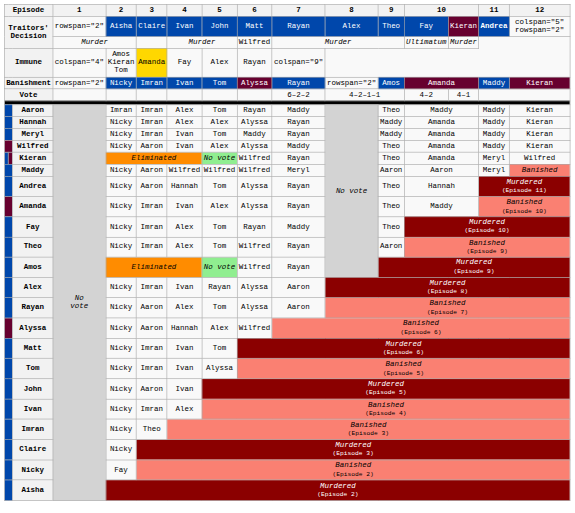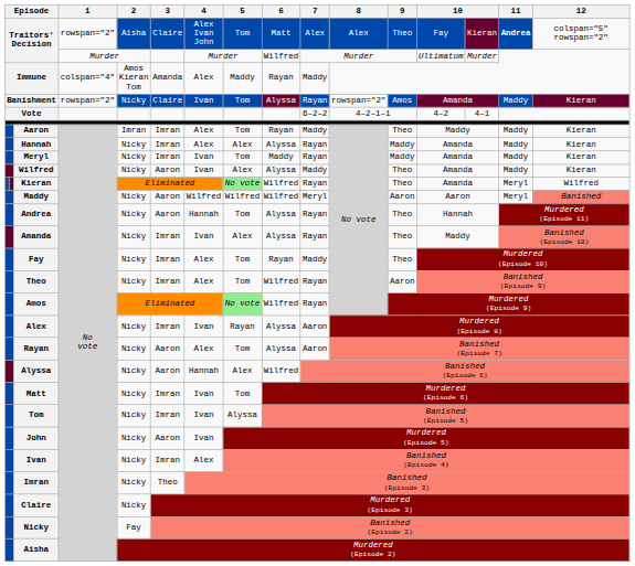 <table class="wikitable" style="text-align:center; width:70%; font-size:90%; line-height:13px">
 <tr>
 <th colspan="3">Episode</th>
 <th>1</th>
 <th>2</th>
 <th>3</th>
 <th>4</th>
 <th>5</th>
 <th>6</th>
 <th>7</th>
 <th>8</th>
 <th>9</th>
 <th colspan="2">10</th>
 <th>11</th>
 <th colspan="5">12</th>
 </tr>
 <tr>
 <th colspan="3" rowspan="2">Traitors'<br>Decision</th>
 <td>rowspan="2" </td>
 <td bgcolor="#0047AB" span style="color:#FFFFFF">Aisha</td>
 <td bgcolor="#0047AB" span style="color:#FFFFFF">Claire</td>
-<td bgcolor="#0047AB" span style="color:#FFFFFF">Ivan</td>
-<td bgcolor="#0047AB" span style="color:#FFFFFF">John</td>
+<td bgcolor="#0047AB" span style="color:#FFFFFF">Alex<br>Ivan<br>John</td>
+<td bgcolor="#0047AB" span style="color:#FFFFFF">Tom</td>
 <td bgcolor="#0047AB" span style="color:#FFFFFF">Matt</td>
-<td bgcolor="#0047AB" span style="color:#FFFFFF">Rayan</td>
+<td bgcolor="#0047AB" span style="color:#FFFFFF">Alex</td>
 <td bgcolor="#0047AB" span style="color:#FFFFFF">Alex</td>
 <td bgcolor="#0047AB" span style="color:#FFFFFF">Theo</td>
 <td bgcolor="#0047AB" span style="color:#FFFFFF">Fay</td>
 <td bgcolor="#67002F" span style="color:#FFFFFF">Kieran</td>
 <td bgcolor="#0047AB" span style="color:#FFFFFF"><strong>Andrea</strong></td>
 <td>colspan="5" rowspan="2" </td>
 </tr>
 <tr>
 <td colspan="2"><em>Murder</em></td>
 <td></td>
 <td colspan="2"><em>Murder</em></td>
 <td>Wilfred</td>
 <td colspan="3"><em>Murder</em></td>
 <td><em>Ultimatum</em></td>
 <td><em>Murder</em></td>
 </tr>
 <tr>
 <th colspan="3">Immune</th>
 <td>colspan="4" </td>
 <td>Amos<br>Kieran<br>Tom</td>
-<td style="background: gold;">Amanda</td>
-<td>Fay</td>
+<td>Amanda</td>
 <td>Alex</td>
+<td>Maddy</td>
 <td>Rayan</td>
-<td>colspan="9" </td>
+<td>Maddy</td>
 </tr>
 <tr>
 <th colspan="3">Banishment</th>
 <td>rowspan="2" </td>
 <td bgcolor="#0047AB" span style="color:#FFFFFF">Nicky</td>
-<td bgcolor="#0047AB" span style="color:#FFFFFF">Imran</td>
+<td bgcolor="#0047AB" span style="color:#FFFFFF">Claire</td>
 <td bgcolor="#0047AB" span style="color:#FFFFFF">Ivan</td>
 <td bgcolor="#0047AB" span style="color:#FFFFFF">Tom</td>
 <td bgcolor="#67002F" span style="color:#FFFFFF">Alyssa</td>
 <td bgcolor="#0047AB" span style="color:#FFFFFF">Rayan</td>
 <td>rowspan="2" </td>
 <td bgcolor="#0047AB" span style="color:#FFFFFF">Amos</td>
 <td colspan="2" bgcolor="#67002F" span style="color:#FFFFFF">Amanda</td>
 <td bgcolor="#0047AB" span style="color:#FFFFFF">Maddy</td>
 <td bgcolor="#67002F" span style="color:#FFFFFF">Kieran</td>
 </tr>
 <tr>
 <th colspan="3">Vote</th>
 <td></td>
 <td></td>
 <td></td>
 <td></td>
 <td></td>
 <td></td>
 <td>6–2–2</td>
 <td colspan="2">4–2–1–1</td>
 <td>4–2</td>
 <td>4–1</td>
 </tr>
 <tr>
 <td colspan="20" bgcolor="#000000"></td>
 </tr>
 <tr>
 <td colspan="2" bgcolor="#0047AB"></td>
 <th>Aaron</th>
 <td rowspan="22" bgcolor="lightgrey"><em>No<br>vote</em></td>
 <td>Imran</td>
 <td>Imran</td>
 <td>Alex</td>
 <td>Tom</td>
 <td>Rayan</td>
 <td>Maddy</td>
 <td rowspan="11" bgcolor="lightgrey"><em>No vote</em></td>
 <td>Theo</td>
 <td colspan="2">Maddy</td>
 <td>Maddy</td>
 <td>Kieran</td>
 </tr>
 <tr>
 <td colspan="2" bgcolor="#0047AB"></td>
 <th>Hannah</th>
 <td>Nicky</td>
 <td>Imran</td>
 <td>Alex</td>
 <td>Alex</td>
 <td>Alyssa</td>
 <td>Rayan</td>
 <td>Maddy</td>
 <td colspan="2">Amanda</td>
 <td>Maddy</td>
 <td>Kieran</td>
 </tr>
 <tr>
 <td colspan="2" bgcolor="#0047AB"></td>
 <th>Meryl</th>
 <td>Nicky</td>
 <td>Imran</td>
 <td>Ivan</td>
 <td>Tom</td>
 <td>Maddy</td>
 <td>Rayan</td>
 <td>Maddy</td>
 <td colspan="2">Amanda</td>
 <td>Maddy</td>
 <td>Kieran</td>
 </tr>
 <tr>
 <td colspan="2" bgcolor="#67002F"></td>
 <th>Wilfred</th>
 <td>Nicky</td>
 <td>Aaron</td>
 <td>Ivan</td>
 <td>Alex</td>
 <td>Alyssa</td>
 <td>Maddy</td>
 <td>Theo</td>
 <td colspan="2">Amanda</td>
 <td>Maddy</td>
 <td>Kieran</td>
 </tr>
 <tr>
 <td bgcolor="#0047AB"></td>
 <td bgcolor="#67002F"></td>
 <th>Kieran</th>
 <td colspan="3" bgcolor="#FF8C00"><em>Eliminated</em></td>
 <td bgcolor="lightgreen"><em>No vote</em></td>
 <td>Wilfred</td>
 <td>Rayan</td>
 <td>Theo</td>
 <td colspan="2">Amanda</td>
 <td>Meryl</td>
 <td>Wilfred</td>
 </tr>
 <tr>
 <td colspan="2" bgcolor="#0047AB"></td>
 <th>Maddy</th>
 <td>Nicky</td>
 <td>Aaron</td>
 <td>Wilfred</td>
 <td>Wilfred</td>
 <td>Wilfred</td>
 <td>Meryl</td>
 <td>Aaron</td>
 <td colspan="2">Aaron</td>
 <td>Meryl</td>
 <td colspan="5" style="background:salmon"><em>Banished</em> <br><small></small></td>
 </tr>
 <tr>
 <td colspan="2" bgcolor="#0047AB"></td>
 <th>Andrea</th>
 <td>Nicky</td>
 <td>Aaron</td>
 <td>Hannah</td>
 <td>Tom</td>
 <td>Alyssa</td>
 <td>Rayan</td>
 <td>Theo</td>
 <td colspan="2">Hannah</td>
 <td colspan="6" style="background:darkred; color:white"><em>Murdered</em> <br><small>(Episode 11)</small></td>
 </tr>
 <tr>
 <td colspan="2" bgcolor="#67002F"></td>
 <th>Amanda</th>
 <td>Nicky</td>
 <td>Imran</td>
 <td>Ivan</td>
 <td>Alex</td>
 <td>Alyssa</td>
 <td>Rayan</td>
 <td>Theo</td>
 <td colspan="2">Maddy</td>
 <td colspan="6" style="background:salmon"><em>Banished</em> <br><small>(Episode 10)</small></td>
 </tr>
 <tr>
 <td colspan="2" bgcolor="#0047AB"></td>
 <th>Fay</th>
 <td>Nicky</td>
 <td>Imran</td>
 <td>Alex</td>
 <td>Tom</td>
 <td>Rayan</td>
 <td>Maddy</td>
 <td>Theo</td>
 <td colspan="8" style="background:darkred; color:white"><em>Murdered</em> <br><small>(Episode 10)</small></td>
 </tr>
 <tr>
 <td colspan="2" bgcolor="#0047AB"></td>
 <th>Theo</th>
 <td>Nicky</td>
 <td>Imran</td>
 <td>Alex</td>
 <td>Tom</td>
 <td>Wilfred</td>
 <td>Rayan</td>
 <td>Aaron</td>
 <td colspan="8" style="background:salmon"><em>Banished</em> <br><small>(Episode 9)</small></td>
 </tr>
 <tr>
 <td colspan="2" bgcolor="#0047AB"></td>
 <th>Amos</th>
 <td colspan="3" bgcolor="#FF8C00"><em>Eliminated</em></td>
 <td bgcolor="lightgreen"><em>No vote</em></td>
 <td>Wilfred</td>
 <td>Rayan</td>
 <td colspan="9" style="background:darkred; color:white"><em>Murdered</em> <br><small>(Episode 9)</small></td>
 </tr>
 <tr>
 <td colspan="2" bgcolor="#0047AB"></td>
 <th>Alex</th>
 <td>Nicky</td>
 <td>Imran</td>
 <td>Ivan</td>
 <td>Rayan</td>
 <td>Alyssa</td>
 <td>Aaron</td>
 <td colspan="10" style="background:darkred; color:white"><em>Murdered</em> <br><small>(Episode 8)</small></td>
 </tr>
 <tr>
 <td colspan="2" bgcolor="#0047AB"></td>
 <th>Rayan</th>
 <td>Nicky</td>
 <td>Aaron</td>
 <td>Alex</td>
 <td>Tom</td>
 <td>Alyssa</td>
 <td>Aaron</td>
 <td colspan="10" style="background:salmon"><em>Banished</em> <br><small>(Episode 7)</small></td>
 </tr>
 <tr>
 <td colspan="2" bgcolor="#67002F"></td>
 <th>Alyssa</th>
 <td>Nicky</td>
 <td>Aaron</td>
 <td>Hannah</td>
 <td>Alex</td>
 <td>Wilfred</td>
 <td colspan="11" style="background:salmon"><em>Banished</em> <br><small>(Episode 6)</small></td>
 </tr>
 <tr>
 <td colspan="2" bgcolor="#0047AB"></td>
 <th>Matt</th>
 <td>Nicky</td>
 <td>Imran</td>
 <td>Ivan</td>
 <td>Tom</td>
 <td colspan="12" style="background:darkred; color:white"><em>Murdered</em> <br><small>(Episode 6)</small></td>
 </tr>
 <tr>
 <td colspan="2" bgcolor="#0047AB"></td>
 <th>Tom</th>
 <td>Nicky</td>
 <td>Imran</td>
 <td>Ivan</td>
 <td>Alyssa</td>
 <td colspan="12" style="background:salmon"><em>Banished</em> <br><small>(Episode 5)</small></td>
 </tr>
 <tr>
 <td colspan="2" bgcolor="#0047AB"></td>
 <th>John</th>
 <td>Nicky</td>
 <td>Aaron</td>
 <td>Ivan</td>
 <td colspan="13" style="background:darkred; color:white"><em>Murdered</em> <br><small>(Episode 5)</small></td>
 </tr>
 <tr>
 <td colspan="2" bgcolor="#0047AB"></td>
 <th>Ivan</th>
 <td>Nicky</td>
 <td>Imran</td>
 <td>Alex</td>
 <td colspan="13" style="background:salmon"><em>Banished</em> <br><small>(Episode 4)</small></td>
 </tr>
 <tr>
 <td colspan="2" bgcolor="#0047AB"></td>
 <th>Imran</th>
 <td>Nicky</td>
 <td>Theo</td>
 <td colspan="14" style="background:salmon"><em>Banished</em> <br><small>(Episode 3)</small></td>
 </tr>
 <tr>
 <td colspan="2" bgcolor="#0047AB"></td>
 <th>Claire</th>
 <td>Nicky</td>
 <td colspan="15" style="background:darkred; color:white"><em>Murdered</em> <br><small>(Episode 3)</small></td>
 </tr>
 <tr>
 <td colspan="2" bgcolor="#0047AB"></td>
 <th>Nicky</th>
 <td>Fay</td>
 <td colspan="15" style="background:salmon"><em>Banished</em> <br><small>(Episode 2)</small></td>
 </tr>
 <tr>
 <td colspan="2" bgcolor="#0047AB"></td>
 <th>Aisha</th>
 <td colspan="16" style="background:darkred; color:white"><em>Murdered</em> <br><small>(Episode 2)</small></td>
 </tr>
 </table>
